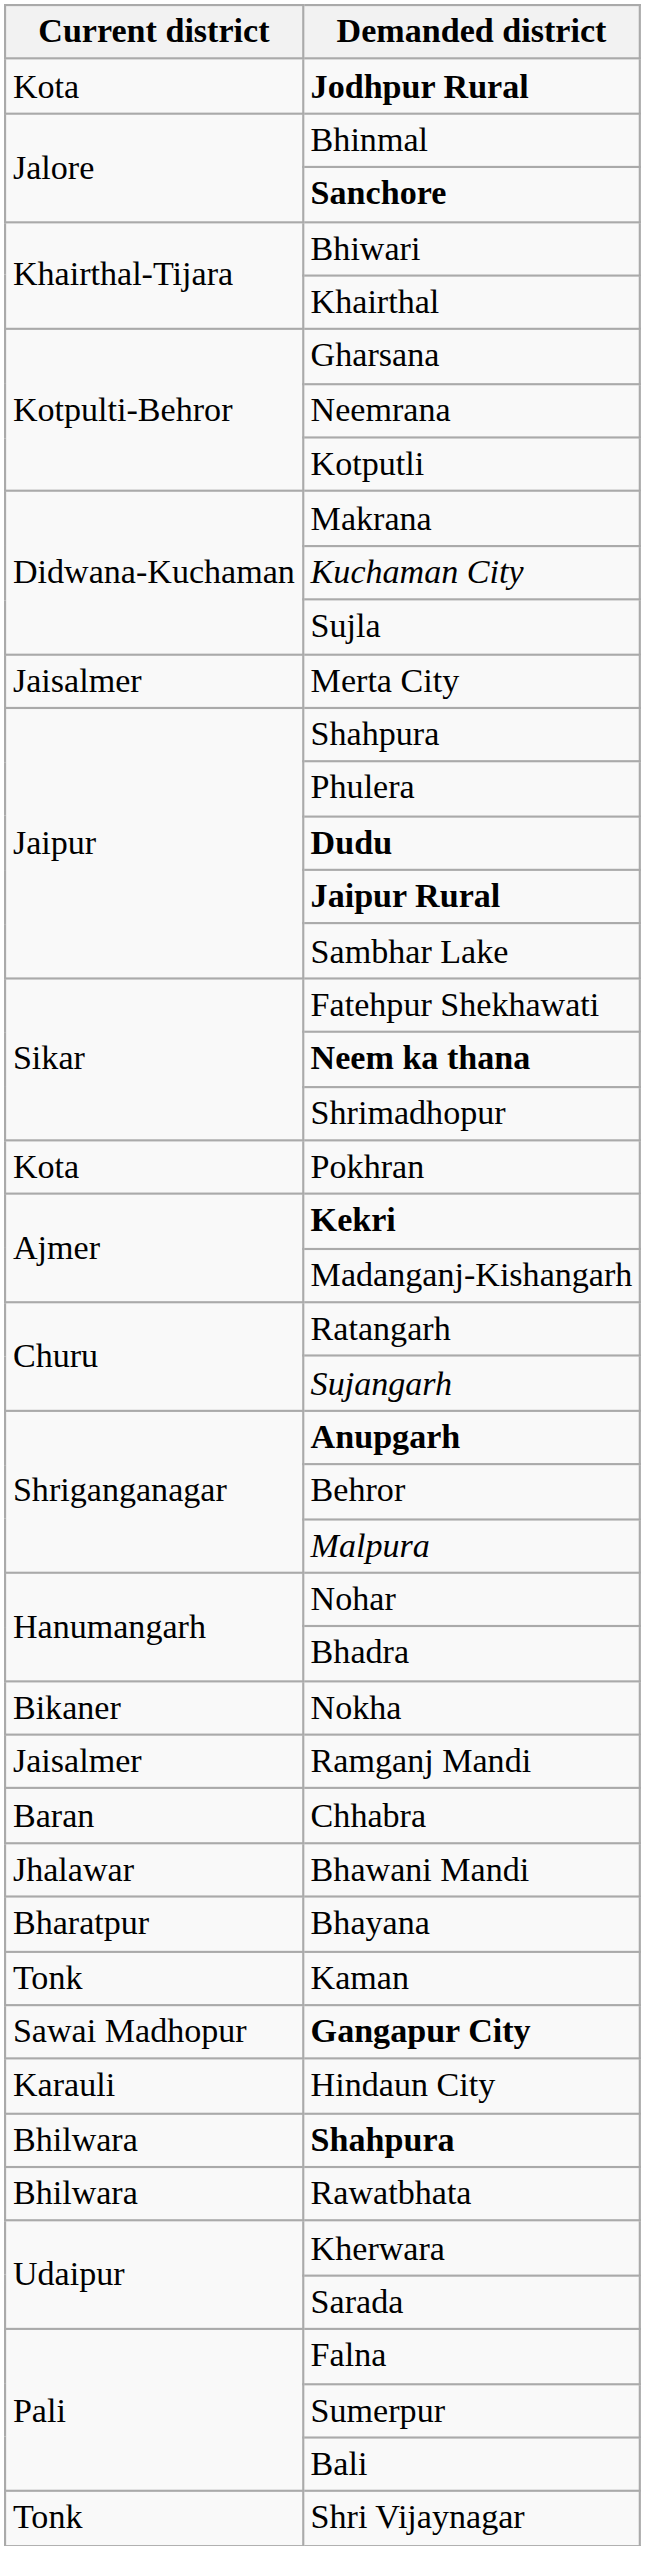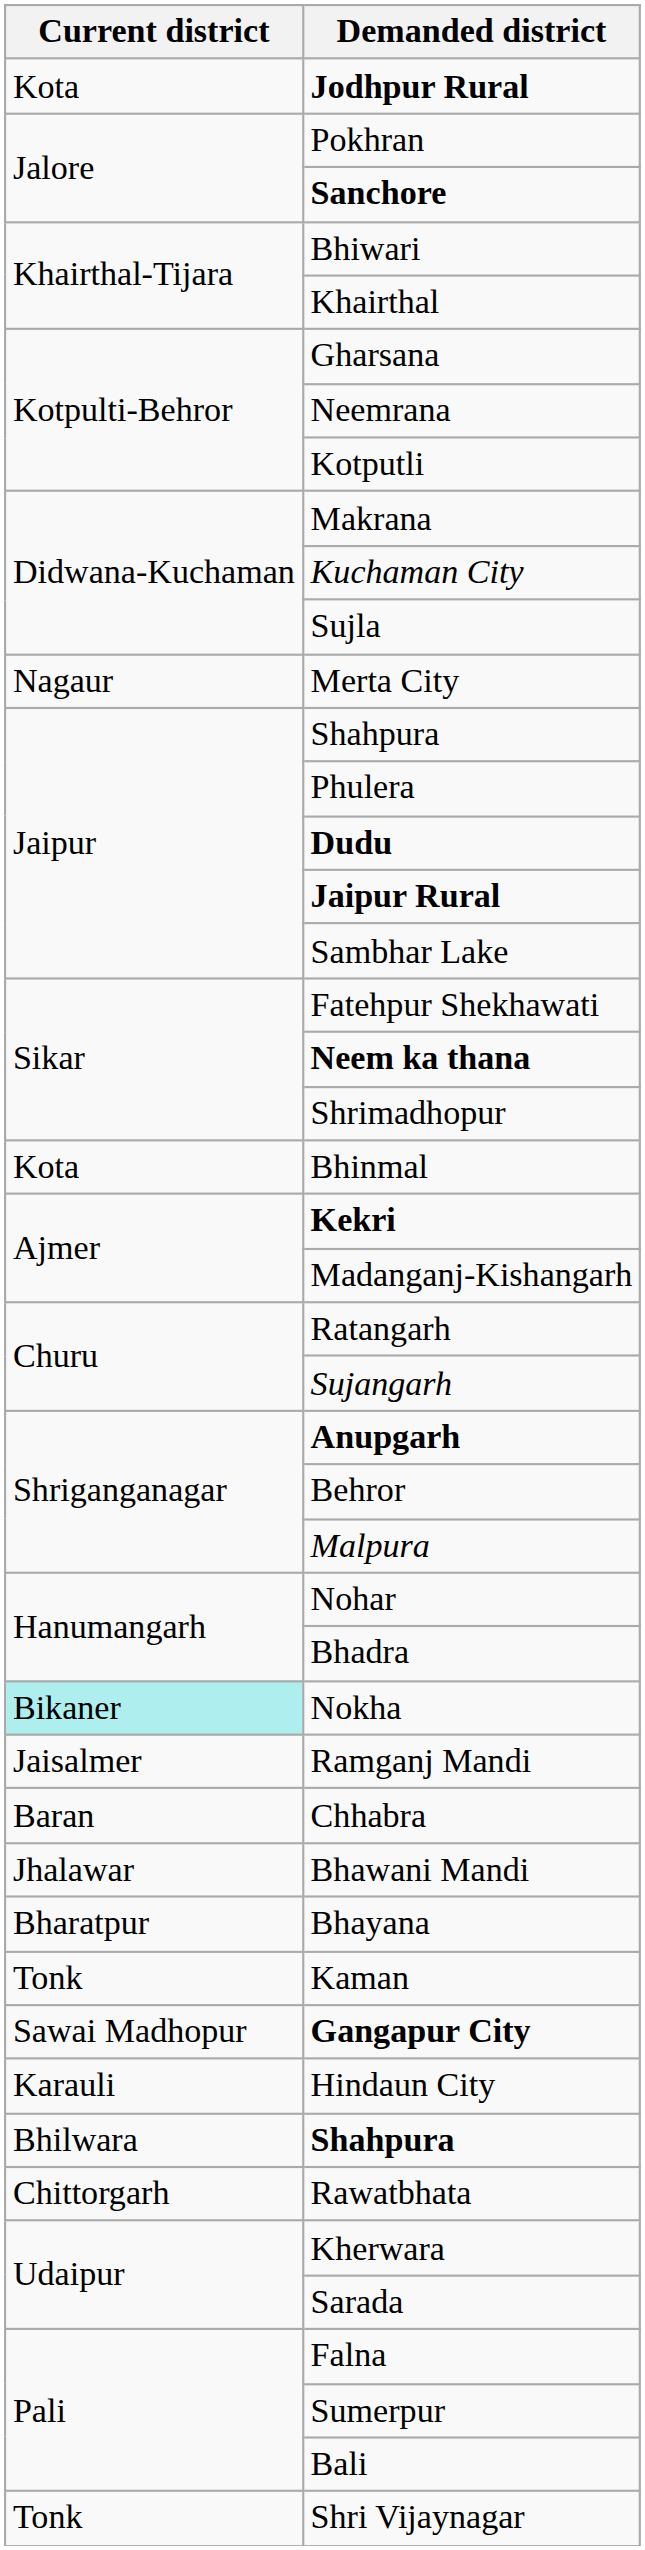 <table class="wikitable">
 <tr>
 <th>Current district</th>
 <th>Demanded district</th>
 </tr>
 <tr>
 <td>Kota</td>
 <td><strong>Jodhpur Rural</strong></td>
 </tr>
 <tr>
 <td rowspan="2">Jalore</td>
-<td>Bhinmal</td>
+<td>Pokhran</td>
 </tr>
 <tr>
 <td><strong>Sanchore</strong></td>
 </tr>
 <tr>
 <td rowspan="2">Khairthal-Tijara</td>
 <td>Bhiwari</td>
 </tr>
 <tr>
 <td>Khairthal</td>
 </tr>
 <tr>
 <td rowspan="3">Kotpulti-Behror</td>
 <td>Gharsana</td>
 </tr>
 <tr>
 <td>Neemrana</td>
 </tr>
 <tr>
 <td>Kotputli</td>
 </tr>
 <tr>
 <td rowspan="3">Didwana-Kuchaman</td>
 <td>Makrana</td>
 </tr>
 <tr>
 <td><em>Kuchaman City</em></td>
 </tr>
 <tr>
 <td>Sujla</td>
 </tr>
 <tr>
-<td>Jaisalmer</td>
+<td>Nagaur</td>
 <td>Merta City</td>
 </tr>
 <tr>
 <td rowspan="5">Jaipur</td>
 <td>Shahpura</td>
 </tr>
 <tr>
 <td>Phulera</td>
 </tr>
 <tr>
 <td><strong>Dudu</strong></td>
 </tr>
 <tr>
 <td><strong>Jaipur Rural</strong></td>
 </tr>
 <tr>
 <td>Sambhar Lake</td>
 </tr>
 <tr>
 <td rowspan="3">Sikar</td>
 <td>Fatehpur Shekhawati</td>
 </tr>
 <tr>
 <td><strong>Neem ka thana</strong></td>
 </tr>
 <tr>
 <td>Shrimadhopur</td>
 </tr>
 <tr>
 <td>Kota</td>
-<td>Pokhran</td>
+<td>Bhinmal</td>
 </tr>
 <tr>
 <td rowspan="2">Ajmer</td>
 <td><strong>Kekri</strong></td>
 </tr>
 <tr>
 <td>Madanganj-Kishangarh</td>
 </tr>
 <tr>
 <td rowspan="2">Churu</td>
 <td>Ratangarh</td>
 </tr>
 <tr>
 <td><em>Sujangarh</em></td>
 </tr>
 <tr>
 <td rowspan="3">Shriganganagar</td>
 <td><strong>Anupgarh</strong></td>
 </tr>
 <tr>
 <td>Behror</td>
 </tr>
 <tr>
 <td><em>Malpura</em></td>
 </tr>
 <tr>
 <td rowspan="2">Hanumangarh</td>
 <td>Nohar</td>
 </tr>
 <tr>
 <td>Bhadra</td>
 </tr>
 <tr>
-<td>Bikaner</td>
+<td style="background: paleturquoise;">Bikaner</td>
 <td>Nokha</td>
 </tr>
 <tr>
 <td>Jaisalmer</td>
 <td>Ramganj Mandi</td>
 </tr>
 <tr>
 <td>Baran</td>
 <td>Chhabra</td>
 </tr>
 <tr>
 <td>Jhalawar</td>
 <td>Bhawani Mandi</td>
 </tr>
 <tr>
 <td>Bharatpur</td>
 <td>Bhayana</td>
 </tr>
 <tr>
 <td>Tonk</td>
 <td>Kaman</td>
 </tr>
 <tr>
 <td>Sawai Madhopur</td>
 <td><strong>Gangapur City</strong></td>
 </tr>
 <tr>
 <td>Karauli</td>
 <td>Hindaun City</td>
 </tr>
 <tr>
 <td>Bhilwara</td>
 <td><strong>Shahpura</strong></td>
 </tr>
 <tr>
-<td>Bhilwara</td>
+<td>Chittorgarh</td>
 <td>Rawatbhata</td>
 </tr>
 <tr>
 <td rowspan="2">Udaipur</td>
 <td>Kherwara</td>
 </tr>
 <tr>
 <td>Sarada</td>
 </tr>
 <tr>
 <td rowspan="3">Pali</td>
 <td>Falna</td>
 </tr>
 <tr>
 <td>Sumerpur</td>
 </tr>
 <tr>
 <td>Bali</td>
 </tr>
 <tr>
 <td>Tonk</td>
 <td>Shri Vijaynagar</td>
 </tr>
 </table>
